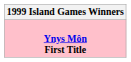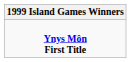 <table class="wikitable" style="text-align: center; margin: 0 auto;">
 <tr>
 <th>1999 Island Games Winners</th>
 </tr>
 <tr>
-<td style="background: pink;"><br><strong><a href='#'>Ynys Môn</a></strong><br><strong>First Title</strong></td>
+<td><br><strong><a href='#'>Ynys Môn</a></strong><br><strong>First Title</strong></td>
 </tr>
 </table>
